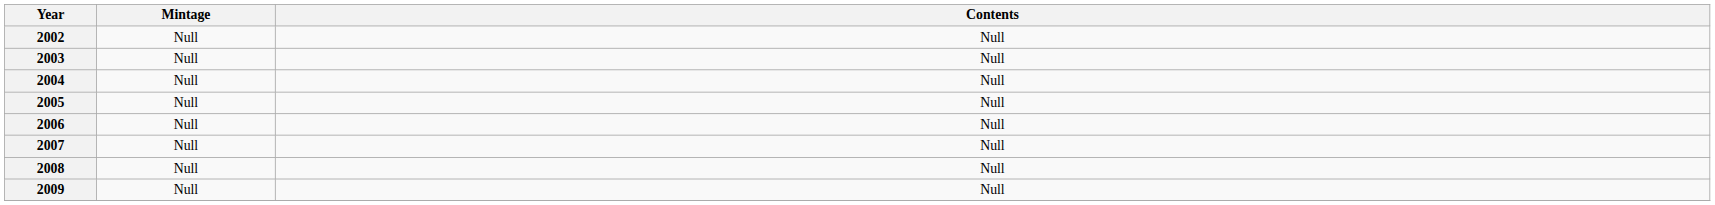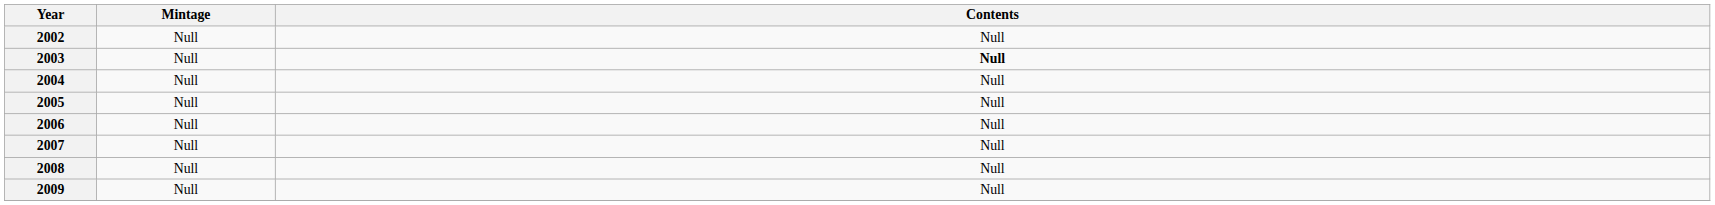 <table class="wikitable" style="width:100%;text-align:center">
 <tr>
 <th width=100px>Year</th>
 <th width=200px>Mintage</th>
 <th>Contents</th>
 </tr>
 <tr>
 <th>2002</th>
 <td>Null</td>
 <td>Null</td>
 </tr>
 <tr>
 <th>2003</th>
 <td>Null</td>
-<td>Null</td>
+<td><strong>Null</strong></td>
 </tr>
 <tr>
 <th>2004</th>
 <td>Null</td>
 <td>Null</td>
 </tr>
 <tr>
 <th>2005</th>
 <td>Null</td>
 <td>Null</td>
 </tr>
 <tr>
 <th>2006</th>
 <td>Null</td>
 <td>Null</td>
 </tr>
 <tr>
 <th>2007</th>
 <td>Null</td>
 <td>Null</td>
 </tr>
 <tr>
 <th>2008</th>
 <td>Null</td>
 <td>Null</td>
 </tr>
 <tr>
 <th>2009</th>
 <td>Null</td>
 <td>Null</td>
 </tr>
 <tr>
 </tr>
 </table>
